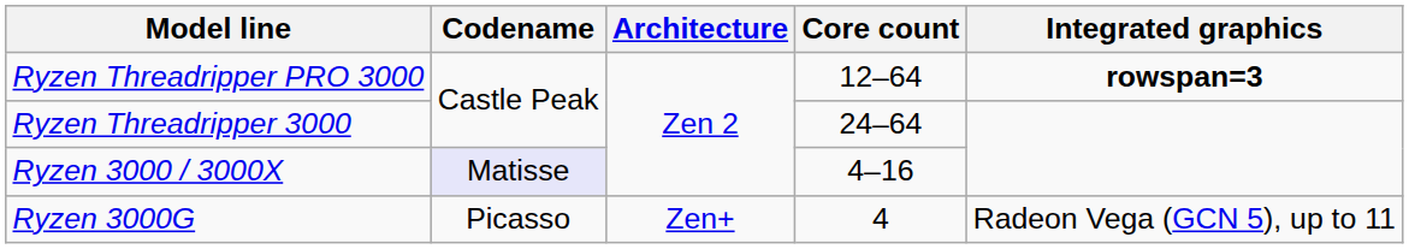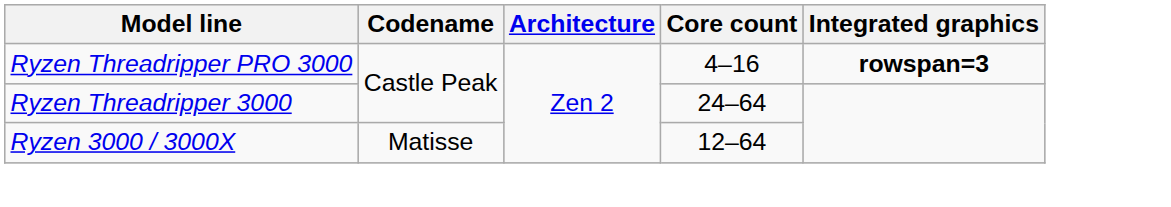 <table class="wikitable" style="text-align: center;">
 <tr>
 <th>Model line</th>
 <th>Codename</th>
 <th><a href='#'>Architecture</a></th>
 <th>Core count</th>
 <th>Integrated graphics</th>
 </tr>
 <tr>
 <td style="text-align: left;"><a href='#'><em>Ryzen Threadripper PRO 3000</em></a></td>
 <td rowspan=2>Castle Peak</td>
 <td rowspan=3><a href='#'>Zen 2</a></td>
-<td>12–64</td>
+<td>4–16</td>
 <td><strong>rowspan=3 </strong></td>
 </tr>
 <tr>
 <td style="text-align: left;"><a href='#'><em>Ryzen Threadripper 3000</em></a></td>
 <td>24–64</td>
 </tr>
 <tr>
 <td style="text-align: left;"><a href='#'><em>Ryzen 3000 / 3000X</em></a></td>
-<td style="background: lavender;">Matisse</td>
-<td>4–16</td>
-</tr>
-<tr>
-<td style="text-align: left;"><a href='#'><em>Ryzen 3000G</em></a></td>
-<td>Picasso</td>
-<td><a href='#'>Zen+</a></td>
-<td>4</td>
-<td>Radeon Vega (<a href='#'>GCN 5</a>), up to 11 </td>
+<td>Matisse</td>
+<td>12–64</td>
 </tr>
 </table>
